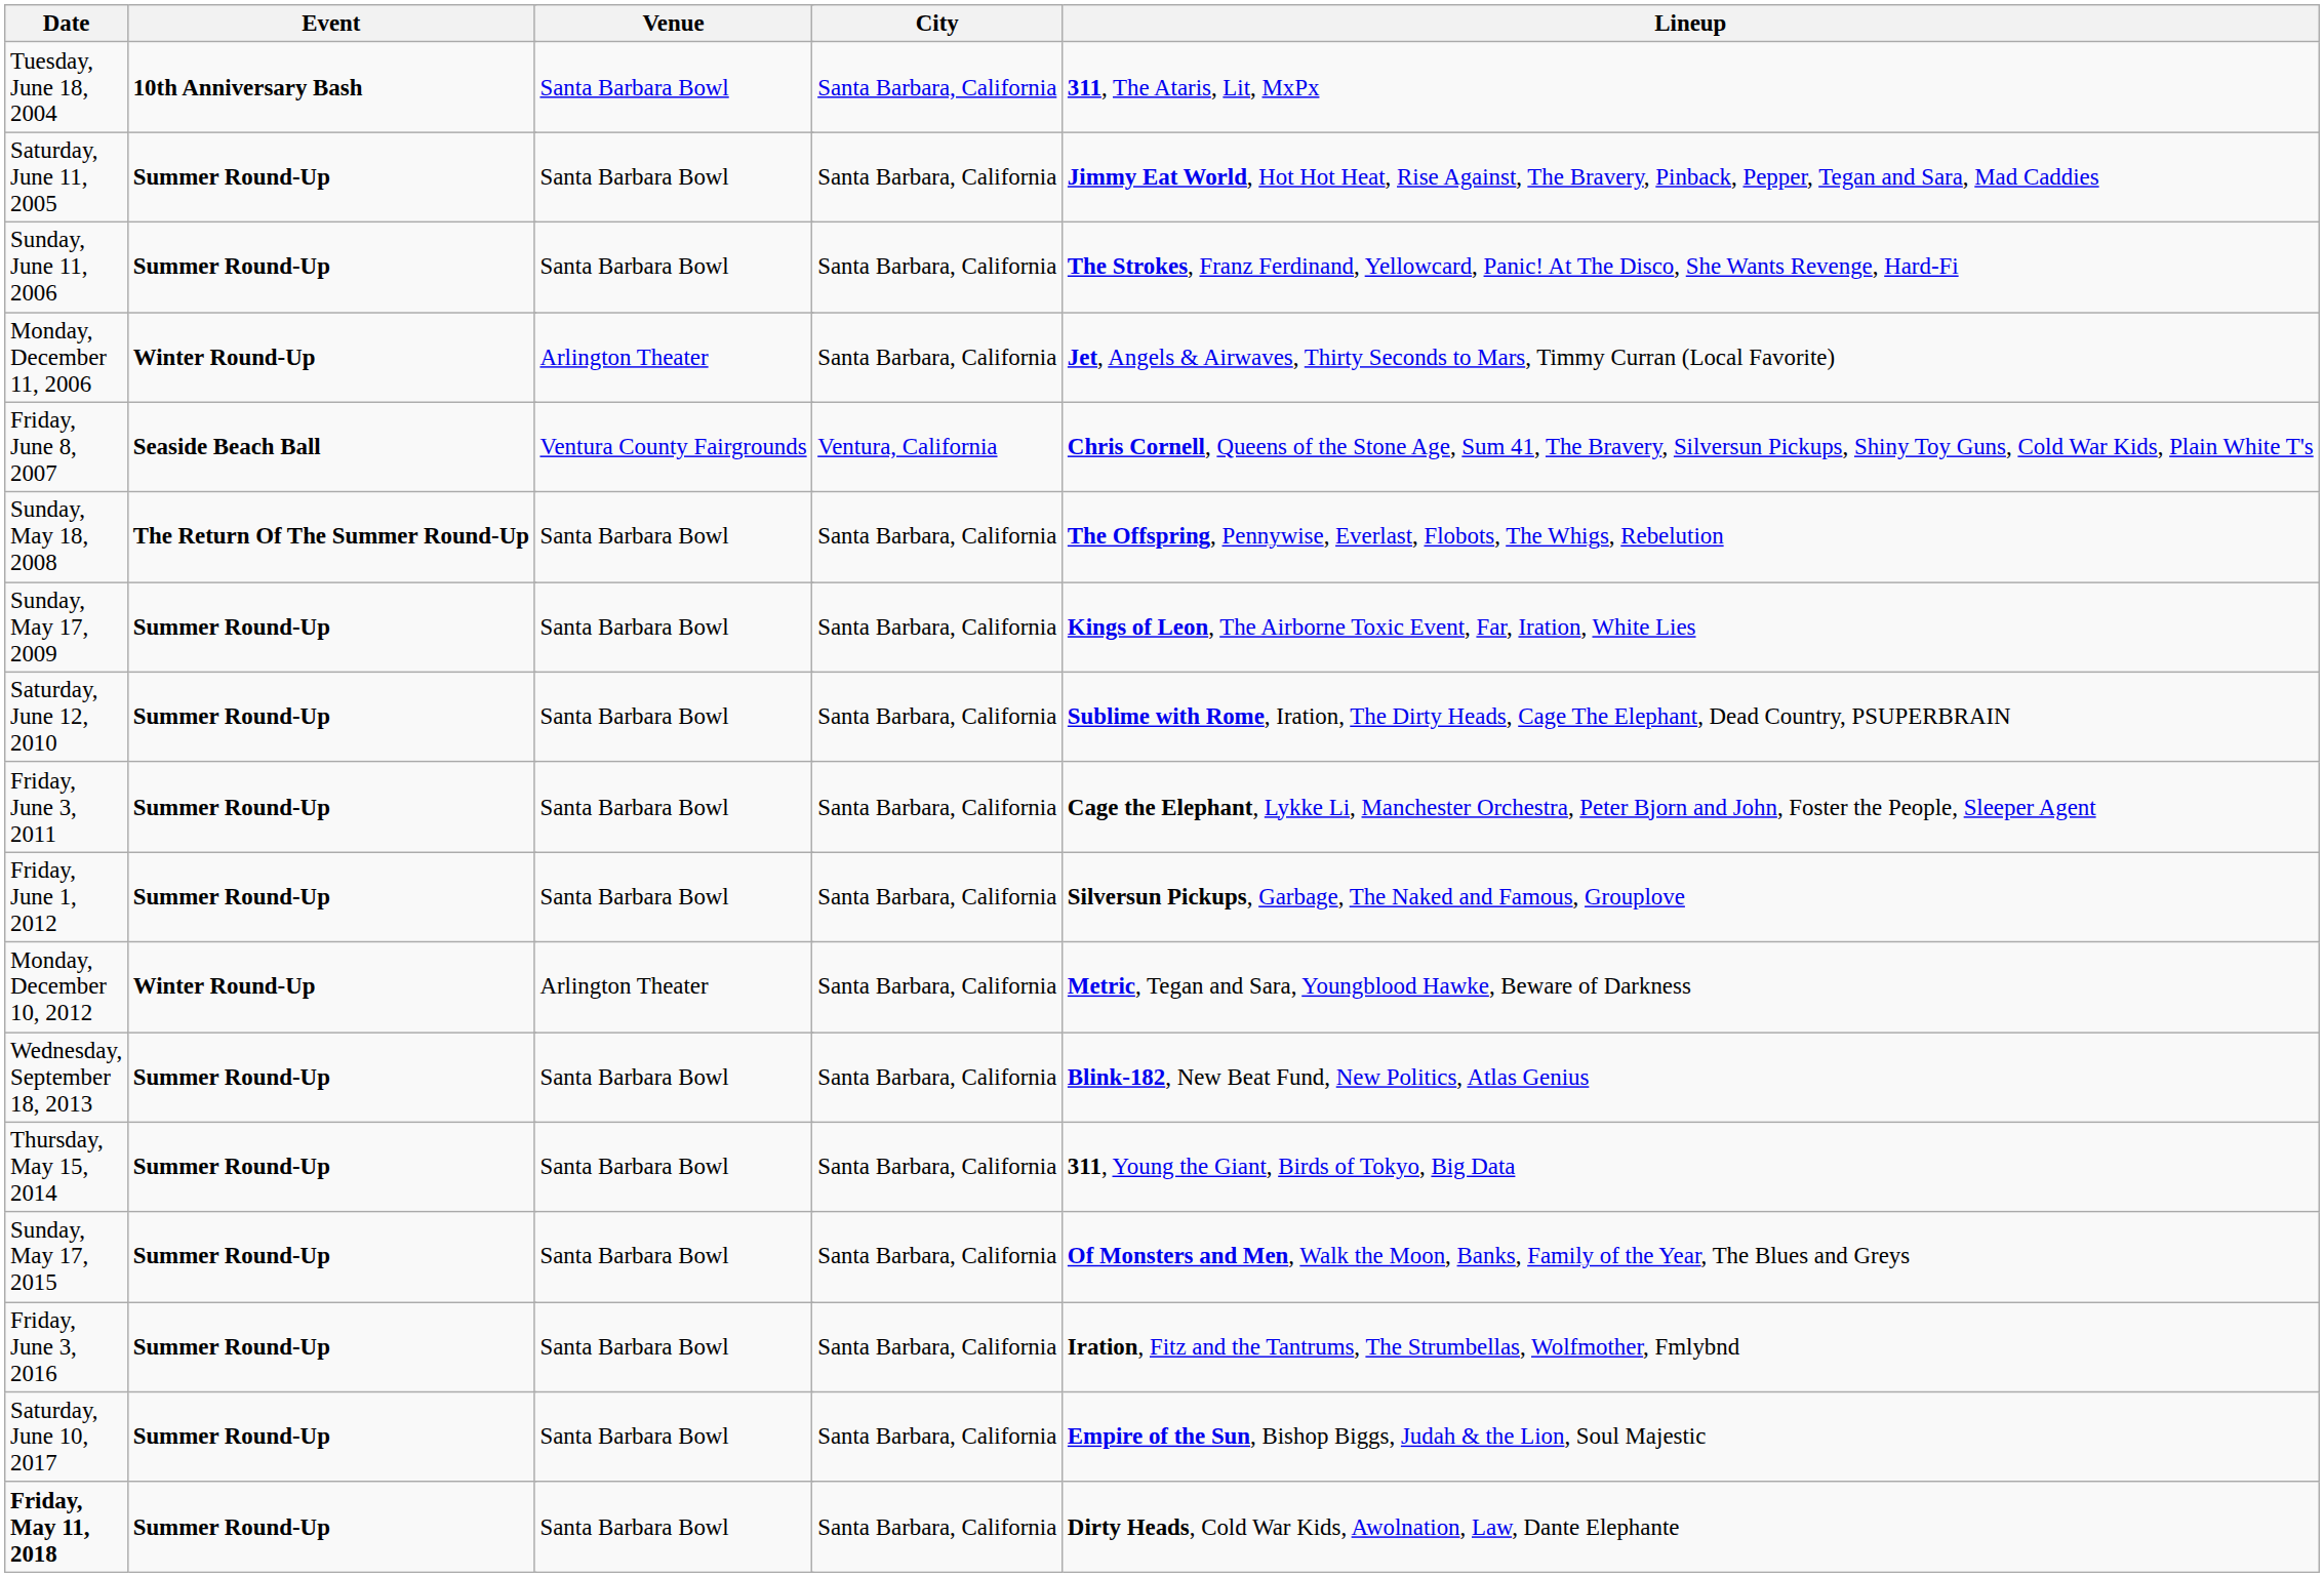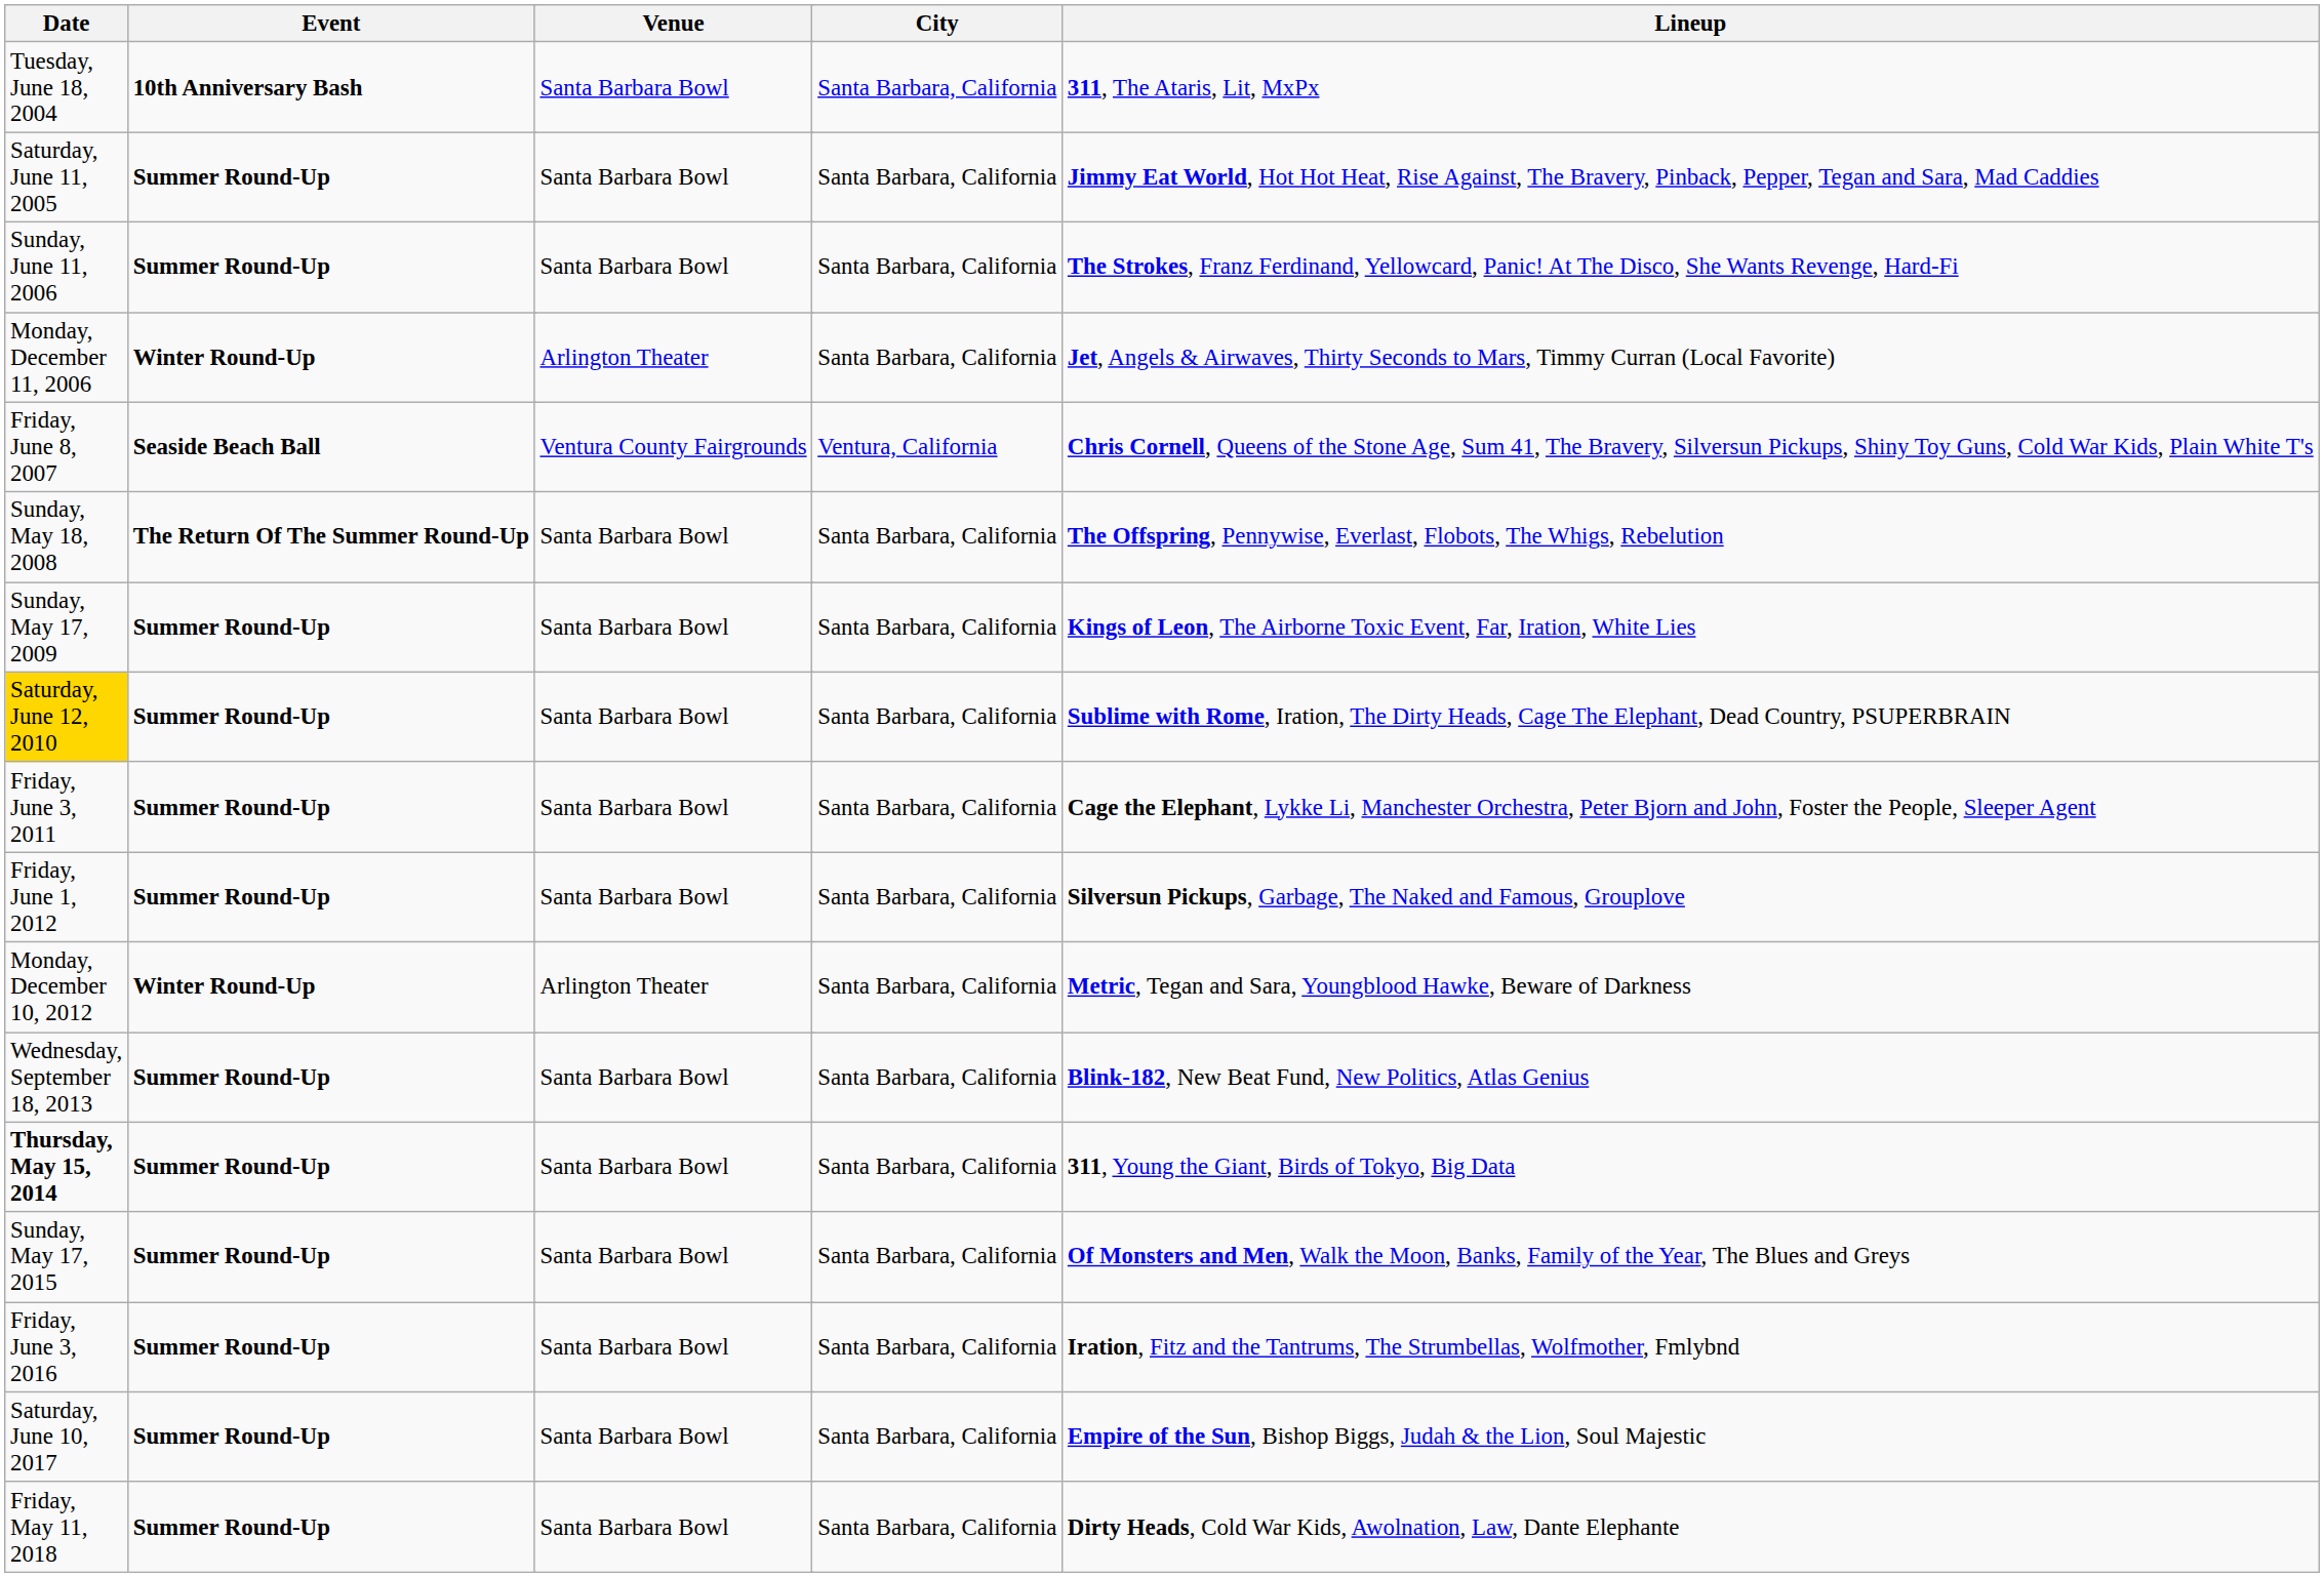 <table class="wikitable">
 <tr>
 <th width=50px>Date</th>
 <th colspan=12>Event</th>
 <th colspan=12>Venue</th>
 <th colspan=12>City</th>
 <th colspan=12>Lineup</th>
 </tr>
 <tr>
 <td>Tuesday, June 18, 2004</td>
 <td colspan=12><strong>10th Anniversary Bash</strong></td>
 <td colspan=12><a href='#'>Santa Barbara Bowl</a></td>
 <td colspan=12><a href='#'>Santa Barbara, California</a></td>
 <td colspan=12><strong><a href='#'>311</a></strong>, <a href='#'>The Ataris</a>, <a href='#'>Lit</a>, <a href='#'>MxPx</a></td>
 </tr>
 <tr>
 <td>Saturday, June 11, 2005</td>
 <td colspan=12><strong>Summer Round-Up</strong></td>
 <td colspan=12>Santa Barbara Bowl</td>
 <td colspan=12>Santa Barbara, California</td>
 <td colspan=12><strong><a href='#'>Jimmy Eat World</a></strong>, <a href='#'>Hot Hot Heat</a>, <a href='#'>Rise Against</a>, <a href='#'>The Bravery</a>, <a href='#'>Pinback</a>, <a href='#'>Pepper</a>, <a href='#'>Tegan and Sara</a>, <a href='#'>Mad Caddies</a></td>
 </tr>
 <tr>
 <td>Sunday, June 11, 2006</td>
 <td colspan=12><strong>Summer Round-Up</strong></td>
 <td colspan=12>Santa Barbara Bowl</td>
 <td colspan=12>Santa Barbara, California</td>
 <td colspan=12><strong><a href='#'>The Strokes</a></strong>, <a href='#'>Franz Ferdinand</a>, <a href='#'>Yellowcard</a>, <a href='#'>Panic! At The Disco</a>, <a href='#'>She Wants Revenge</a>, <a href='#'>Hard-Fi</a></td>
 </tr>
 <tr>
 <td>Monday, December 11, 2006</td>
 <td colspan=12><strong>Winter Round-Up</strong></td>
 <td colspan=12><a href='#'>Arlington Theater</a></td>
 <td colspan=12>Santa Barbara, California</td>
 <td colspan=12><strong><a href='#'>Jet</a></strong>, <a href='#'>Angels & Airwaves</a>, <a href='#'>Thirty Seconds to Mars</a>, Timmy Curran (Local Favorite)</td>
 </tr>
 <tr>
 <td>Friday, June 8, 2007</td>
 <td colspan=12><strong>Seaside Beach Ball</strong></td>
 <td colspan=12><a href='#'>Ventura County Fairgrounds</a></td>
 <td colspan=12><a href='#'>Ventura, California</a></td>
 <td colspan=12><strong><a href='#'>Chris Cornell</a></strong>, <a href='#'>Queens of the Stone Age</a>, <a href='#'>Sum 41</a>, <a href='#'>The Bravery</a>, <a href='#'>Silversun Pickups</a>, <a href='#'>Shiny Toy Guns</a>, <a href='#'>Cold War Kids</a>, <a href='#'>Plain White T's</a></td>
 </tr>
 <tr>
 <td>Sunday, May 18, 2008</td>
 <td colspan=12><strong>The Return Of The Summer Round-Up</strong></td>
 <td colspan=12>Santa Barbara Bowl</td>
 <td colspan=12>Santa Barbara, California</td>
 <td colspan=12><strong><a href='#'>The Offspring</a></strong>, <a href='#'>Pennywise</a>, <a href='#'>Everlast</a>, <a href='#'>Flobots</a>, <a href='#'>The Whigs</a>, <a href='#'>Rebelution</a></td>
 </tr>
 <tr>
 <td>Sunday, May 17, 2009</td>
 <td colspan=12><strong>Summer Round-Up</strong></td>
 <td colspan=12>Santa Barbara Bowl</td>
 <td colspan=12>Santa Barbara, California</td>
 <td colspan=12><strong><a href='#'>Kings of Leon</a></strong>, <a href='#'>The Airborne Toxic Event</a>, <a href='#'>Far</a>, <a href='#'>Iration</a>, <a href='#'>White Lies</a></td>
 </tr>
 <tr>
-<td>Saturday, June 12, 2010</td>
+<td style="background: gold;">Saturday, June 12, 2010</td>
 <td colspan=12><strong>Summer Round-Up</strong></td>
 <td colspan=12>Santa Barbara Bowl</td>
 <td colspan=12>Santa Barbara, California</td>
 <td colspan=12><strong><a href='#'>Sublime with Rome</a></strong>, Iration, <a href='#'>The Dirty Heads</a>, <a href='#'>Cage The Elephant</a>, Dead Country, PSUPERBRAIN</td>
 </tr>
 <tr>
 <td>Friday, June 3, 2011</td>
 <td colspan=12><strong>Summer Round-Up</strong></td>
 <td colspan=12>Santa Barbara Bowl</td>
 <td colspan=12>Santa Barbara, California</td>
 <td colspan=12><strong>Cage the Elephant</strong>, <a href='#'>Lykke Li</a>, <a href='#'>Manchester Orchestra</a>, <a href='#'>Peter Bjorn and John</a>, Foster the People, <a href='#'>Sleeper Agent</a></td>
 </tr>
 <tr>
 <td>Friday, June 1, 2012</td>
 <td colspan=12><strong>Summer Round-Up</strong></td>
 <td colspan=12>Santa Barbara Bowl</td>
 <td colspan=12>Santa Barbara, California</td>
 <td colspan=12><strong>Silversun Pickups</strong>, <a href='#'>Garbage</a>,  <a href='#'>The Naked and Famous</a>, <a href='#'>Grouplove</a></td>
 </tr>
 <tr>
 <td>Monday, December 10, 2012</td>
 <td colspan=12><strong>Winter Round-Up</strong></td>
 <td colspan=12>Arlington Theater</td>
 <td colspan=12>Santa Barbara, California</td>
 <td colspan=12><strong><a href='#'>Metric</a></strong>, Tegan and Sara, <a href='#'>Youngblood Hawke</a>, Beware of Darkness</td>
 </tr>
 <tr>
 <td>Wednesday, September 18, 2013</td>
 <td colspan=12><strong>Summer Round-Up</strong></td>
 <td colspan=12>Santa Barbara Bowl</td>
 <td colspan=12>Santa Barbara, California</td>
 <td colspan=12><strong><a href='#'>Blink-182</a></strong>, New Beat Fund, <a href='#'>New Politics</a>, <a href='#'>Atlas Genius</a></td>
 </tr>
 <tr>
-<td>Thursday, May 15, 2014</td>
+<td><strong>Thursday, May 15, 2014</strong></td>
 <td colspan=12><strong>Summer Round-Up</strong></td>
 <td colspan=12>Santa Barbara Bowl</td>
 <td colspan=12>Santa Barbara, California</td>
 <td colspan=12><strong>311</strong>, <a href='#'>Young the Giant</a>, <a href='#'>Birds of Tokyo</a>, <a href='#'>Big Data</a></td>
 </tr>
 <tr>
 <td>Sunday, May 17, 2015</td>
 <td colspan=12><strong>Summer Round-Up</strong></td>
 <td colspan=12>Santa Barbara Bowl</td>
 <td colspan=12>Santa Barbara, California</td>
 <td colspan=12><strong><a href='#'>Of Monsters and Men</a></strong>, <a href='#'>Walk the Moon</a>, <a href='#'>Banks</a>, <a href='#'>Family of the Year</a>, The Blues and Greys</td>
 </tr>
 <tr>
 <td>Friday, June 3, 2016</td>
 <td colspan=12><strong>Summer Round-Up</strong></td>
 <td colspan=12>Santa Barbara Bowl</td>
 <td colspan=12>Santa Barbara, California</td>
 <td colspan=12><strong>Iration</strong>, <a href='#'>Fitz and the Tantrums</a>, <a href='#'>The Strumbellas</a>, <a href='#'>Wolfmother</a>, Fmlybnd</td>
 </tr>
 <tr>
 <td>Saturday, June 10, 2017</td>
 <td colspan=12><strong>Summer Round-Up</strong></td>
 <td colspan=12>Santa Barbara Bowl</td>
 <td colspan=12>Santa Barbara, California</td>
 <td colspan=12><strong><a href='#'>Empire of the Sun</a></strong>, Bishop Biggs, <a href='#'>Judah & the Lion</a>, Soul Majestic</td>
 </tr>
 <tr>
-<td><strong>Friday, May 11, 2018</strong></td>
+<td>Friday, May 11, 2018</td>
 <td colspan=12><strong>Summer Round-Up</strong></td>
 <td colspan=12>Santa Barbara Bowl</td>
 <td colspan=12>Santa Barbara, California</td>
 <td colspan=12><strong>Dirty Heads</strong>, Cold War Kids, <a href='#'>Awolnation</a>, <a href='#'>Law</a>, Dante Elephante</td>
 </tr>
 </table>
